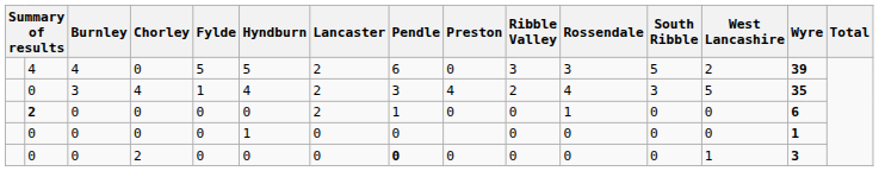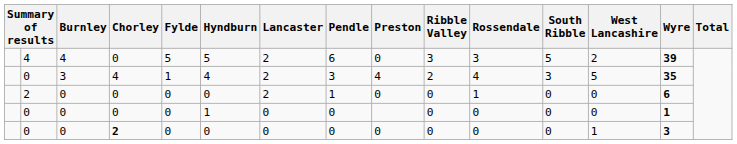 <table class="wikitable" style="right; width:45%">
 <tr>
 <th colspan="2">Summary of results</th>
 <th ! colspan=>Burnley</th>
 <th>Chorley</th>
 <th>Fylde</th>
 <th>Hyndburn</th>
 <th>Lancaster</th>
 <th>Pendle</th>
 <th>Preston</th>
 <th>Ribble Valley</th>
 <th>Rossendale</th>
 <th>South Ribble</th>
 <th>West Lancashire</th>
 <th>Wyre</th>
 <th>Total</th>
 </tr>
 <tr>
 <td></td>
 <td>4</td>
 <td>4</td>
 <td>0</td>
 <td>5</td>
 <td>5</td>
 <td>2</td>
 <td>6</td>
 <td>0</td>
 <td>3</td>
 <td>3</td>
 <td>5</td>
 <td>2</td>
 <td><strong>39 </strong></td>
 </tr>
 <tr>
 <td></td>
 <td>0</td>
 <td>3</td>
 <td>4</td>
 <td>1</td>
 <td>4</td>
 <td>2</td>
 <td>3</td>
 <td>4</td>
 <td>2</td>
 <td>4</td>
 <td>3</td>
 <td>5</td>
 <td><strong>35 </strong></td>
 </tr>
 <tr>
 <td></td>
-<td><strong>2</strong></td>
+<td>2</td>
 <td>0</td>
 <td>0</td>
 <td>0</td>
 <td>0</td>
 <td>2</td>
 <td>1</td>
 <td>0</td>
 <td>0</td>
 <td>1</td>
 <td>0</td>
 <td>0</td>
 <td><strong>6 </strong></td>
 </tr>
 <tr>
 <td></td>
 <td>0</td>
 <td>0</td>
 <td>0</td>
 <td>0</td>
 <td>1</td>
 <td>0</td>
 <td>0</td>
 <td></td>
 <td>0</td>
 <td>0</td>
 <td>0</td>
 <td>0</td>
 <td><strong>1</strong></td>
 </tr>
 <tr>
 <td></td>
 <td>0</td>
 <td>0</td>
-<td>2</td>
+<td><strong>2</strong></td>
 <td>0</td>
 <td>0</td>
 <td>0</td>
-<td><strong>0</strong></td>
+<td>0</td>
 <td>0</td>
 <td>0</td>
 <td>0</td>
 <td>0</td>
 <td>1</td>
 <td><strong>3 </strong></td>
 </tr>
 </table>
